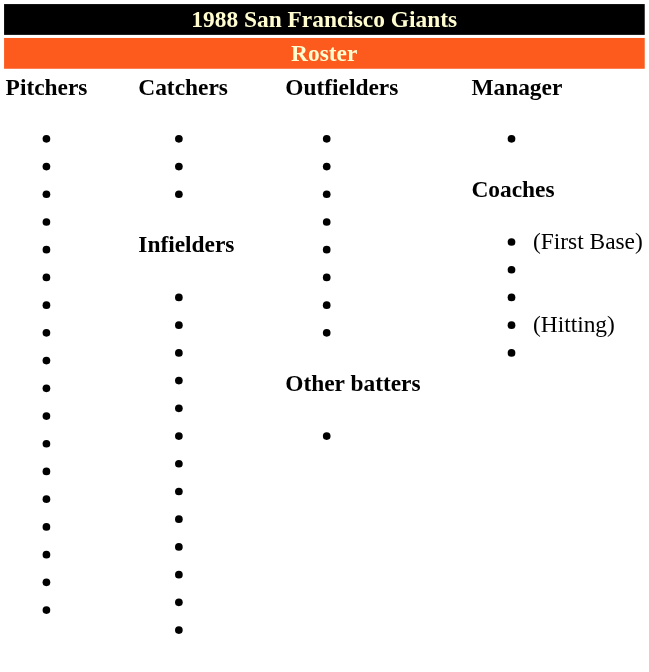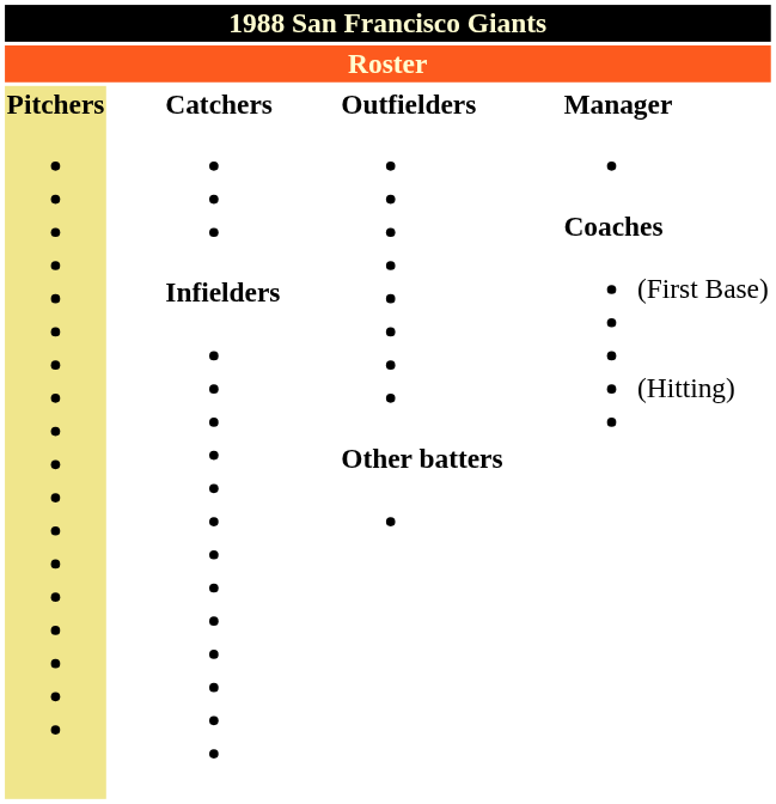 <table class="toccolours" style="font-size: 95%;">
 <tr>
 <th colspan="10" style="background-color: black; color: #FFFDD0; text-align: center;">1988 San Francisco Giants</th>
 </tr>
 <tr>
 <td colspan="10" style="background-color: #fd5a1e; color: #FFFDD0; text-align: center;"><strong>Roster</strong></td>
 </tr>
 <tr>
-<td valign="top"><strong>Pitchers</strong><br><ul><li></li><li></li><li></li><li></li><li></li><li></li><li></li><li></li><li></li><li></li><li></li><li></li><li></li><li></li><li></li><li></li><li></li><li></li></ul></td>
+<td valign="top" style="background: khaki;"><strong>Pitchers</strong><br><ul><li></li><li></li><li></li><li></li><li></li><li></li><li></li><li></li><li></li><li></li><li></li><li></li><li></li><li></li><li></li><li></li><li></li><li></li></ul></td>
 <td width="25px"></td>
 <td valign="top"><strong>Catchers</strong><br><ul><li></li><li></li><li></li></ul><strong>Infielders</strong><ul><li></li><li></li><li></li><li></li><li></li><li></li><li></li><li></li><li></li><li></li><li></li><li></li><li></li></ul></td>
 <td width="25px"></td>
 <td valign="top"><strong>Outfielders</strong><br><ul><li></li><li></li><li></li><li></li><li></li><li></li><li></li><li></li></ul><strong>Other batters</strong><ul><li></li></ul></td>
 <td width="25px"></td>
 <td valign="top"><strong>Manager</strong><br><ul><li></li></ul><strong>Coaches</strong><ul><li> (First Base)</li><li></li><li></li><li> (Hitting)</li><li></li></ul></td>
 </tr>
 <tr>
 </tr>
 </table>
